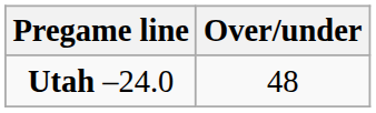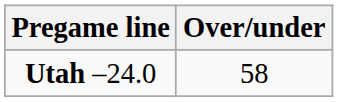 <table class="wikitable" style="margin-left: auto; margin-right: auto; border: none; display: inline-table;">
 <tr align="center">
 <th style=>Pregame line</th>
 <th style=>Over/under</th>
 </tr>
 <tr align="center">
 <td><strong>Utah</strong> –24.0</td>
-<td>48</td>
+<td>58</td>
 </tr>
 </table>
